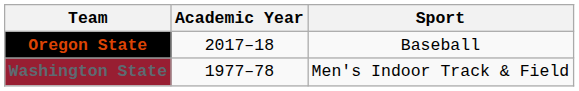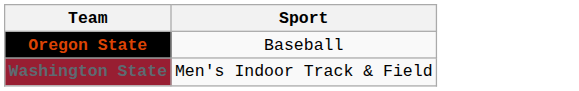 <table class="wikitable sortable">
 <tr>
 <th>Team</th>
-<th>Academic Year</th>
 <th>Sport</th>
 </tr>
 <tr>
 <th style="background:#000000; color:#DC4405;">Oregon State</th>
-<td align="center">2017–18</td>
 <td align="center">Baseball</td>
 </tr>
 <tr>
 <th style="background:#981E32; color:#5E6A71;">Washington State</th>
-<td align="center">1977–78</td>
 <td align="center">Men's Indoor Track & Field</td>
 </tr>
 </table>
